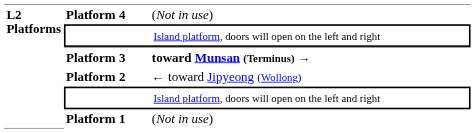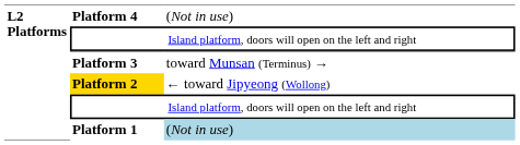 <table table border=0 cellspacing=0 cellpadding=3>
 <tr>
 <td style="border-top:solid 1px gray;border-bottom:solid 1px gray;" width=50 rowspan=10 valign=top><strong>L2<br>Platforms</strong></td>
 <td style="border-bottom:solid 0px gray;border-top:solid 1px gray;" width=100><span><strong>Platform 4</strong></span></td>
 <td style="border-bottom:solid 0px gray;border-top:solid 1px gray;" width=390> (<em>Not in use</em>)</td>
 </tr>
 <tr>
 <td style="border-top:solid 2px black;border-right:solid 2px black;border-left:solid 2px black;border-bottom:solid 2px black;text-align:center;" colspan=2><small><a href='#'>Island platform</a>, doors will open on the left and right</small></td>
 </tr>
 <tr>
 <td style="border-bottom:solid 0px gray;border-top:solid 1px gray;" width=100><span><strong>Platform 3</strong></span></td>
-<td style="border-bottom:solid 0px gray;border-top:solid 1px gray;" width=390><strong>  toward <a href='#'>Munsan</a> <small>(Terminus)</small> →</strong></td>
+<td style="border-bottom:solid 0px gray;border-top:solid 1px gray;" width=390>  toward <a href='#'>Munsan</a> <small>(Terminus)</small> →</td>
 </tr>
 <tr>
-<td><span><strong>Platform 2</strong></span></td>
+<td style="background: gold;"><span><strong>Platform 2</strong></span></td>
 <td>←  toward <a href='#'>Jipyeong</a> <small>(<a href='#'>Wollong</a>)</small></td>
 </tr>
 <tr>
 <td style="border-top:solid 2px black;border-right:solid 2px black;border-left:solid 2px black;border-bottom:solid 2px black;text-align:center;" colspan=2><small><a href='#'>Island platform</a>, doors will open on the left and right</small></td>
 </tr>
 <tr>
 <td><span><strong>Platform 1</strong></span></td>
-<td> (<em>Not in use</em>)</td>
+<td style="background: lightblue;"> (<em>Not in use</em>)</td>
 </tr>
 </table>
